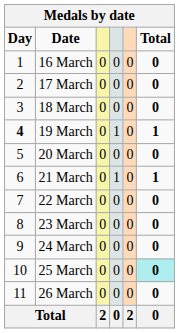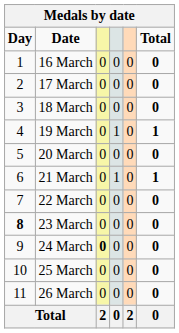 <table class="wikitable" style="font-size:85%; text-align:center;">
 <tr style="background:#efefef;">
 <th colspan=6><strong>Medals by date</strong></th>
 </tr>
 <tr>
 <td><strong>Day</strong></td>
 <td><strong>Date</strong></td>
 <td style="background:#F7F6A8;"></td>
 <td style="background:#DCE5E5;"></td>
 <td style="background:#FFDAB9;"></td>
 <td><strong>Total</strong></td>
 </tr>
 <tr>
 <td>1</td>
 <td>16 March</td>
 <td style="background:#F7F6A8;">0</td>
 <td style="background:#DCE5E5;">0</td>
 <td style="background:#FFDAB9;">0</td>
 <td><strong>0</strong></td>
 </tr>
 <tr>
 <td>2</td>
 <td>17 March</td>
 <td style="background:#F7F6A8;">0</td>
 <td style="background:#DCE5E5;">0</td>
 <td style="background:#FFDAB9;">0</td>
 <td><strong>0</strong></td>
 </tr>
 <tr>
 <td>3</td>
 <td>18 March</td>
 <td style="background:#F7F6A8;">0</td>
 <td style="background:#DCE5E5;">0</td>
 <td style="background:#FFDAB9;">0</td>
 <td><strong>0</strong></td>
 </tr>
 <tr>
-<td><strong>4</strong></td>
+<td>4</td>
 <td>19 March</td>
 <td style="background:#F7F6A8;">0</td>
 <td style="background:#DCE5E5;">1</td>
 <td style="background:#FFDAB9;">0</td>
 <td><strong>1</strong></td>
 </tr>
 <tr>
 <td>5</td>
 <td>20 March</td>
 <td style="background:#F7F6A8;">0</td>
 <td style="background:#DCE5E5;">0</td>
 <td style="background:#FFDAB9;">0</td>
 <td><strong>0</strong></td>
 </tr>
 <tr>
 <td>6</td>
 <td>21 March</td>
 <td style="background:#F7F6A8;">0</td>
 <td style="background:#DCE5E5;">1</td>
 <td style="background:#FFDAB9;">0</td>
 <td><strong>1</strong></td>
 </tr>
 <tr>
 <td>7</td>
 <td>22 March</td>
 <td style="background:#F7F6A8;">0</td>
 <td style="background:#DCE5E5;">0</td>
 <td style="background:#FFDAB9;">0</td>
 <td><strong>0</strong></td>
 </tr>
 <tr>
-<td>8</td>
+<td><strong>8</strong></td>
 <td>23 March</td>
 <td style="background:#F7F6A8;">0</td>
 <td style="background:#DCE5E5;">0</td>
 <td style="background:#FFDAB9;">0</td>
 <td><strong>0</strong></td>
 </tr>
 <tr>
 <td>9</td>
 <td>24 March</td>
-<td style="background:#F7F6A8;">0</td>
+<td style="background:#F7F6A8;"><strong>0</strong></td>
 <td style="background:#DCE5E5;">0</td>
 <td style="background:#FFDAB9;">0</td>
 <td><strong>0</strong></td>
 </tr>
 <tr>
 <td>10</td>
 <td>25 March</td>
 <td style="background:#F7F6A8;">0</td>
 <td style="background:#DCE5E5;">0</td>
 <td style="background:#FFDAB9;">0</td>
-<td style="background: paleturquoise;"><strong>0</strong></td>
+<td><strong>0</strong></td>
 </tr>
 <tr>
 <td>11</td>
 <td>26 March</td>
 <td style="background:#F7F6A8;">0</td>
 <td style="background:#DCE5E5;">0</td>
 <td style="background:#FFDAB9;">0</td>
 <td><strong>0</strong></td>
 </tr>
 <tr>
 <th colspan="2"><strong>Total</strong></th>
 <th><strong>2</strong></th>
 <th><strong>0</strong></th>
 <th><strong>2</strong></th>
 <th><strong>0</strong></th>
 </tr>
 </table>
